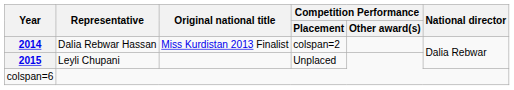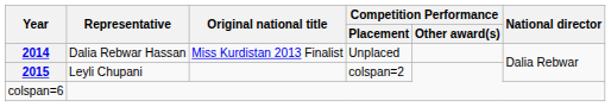 <table class="wikitable defaultcenter col2left col3right col7left" style="font-size:95%;">
 <tr>
 <th rowspan=2>Year</th>
 <th rowspan=2>Representative</th>
 <th rowspan=2>Original national title</th>
 <th colspan=2>Competition Performance</th>
 <th rowspan=2>National director</th>
 </tr>
 <tr>
 <th>Placement</th>
 <th>Other award(s)</th>
 </tr>
 <tr>
 <th><a href='#'>2014</a></th>
 <td>Dalia Rebwar Hassan</td>
 <td><a href='#'>Miss Kurdistan 2013</a> Finalist</td>
-<td>colspan=2 </td>
+<td>Unplaced</td>
 <td></td>
 <td rowspan=2>Dalia Rebwar</td>
 </tr>
 <tr>
 <th><a href='#'>2015</a></th>
 <td>Leyli Chupani</td>
 <td></td>
-<td>Unplaced</td>
+<td>colspan=2 </td>
 </tr>
 <tr>
 <td>colspan=6 </td>
 </tr>
 </table>
